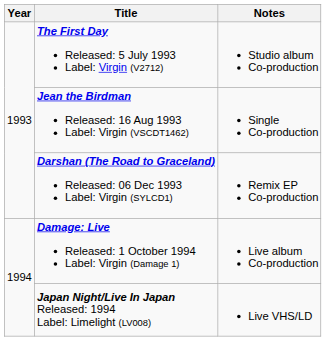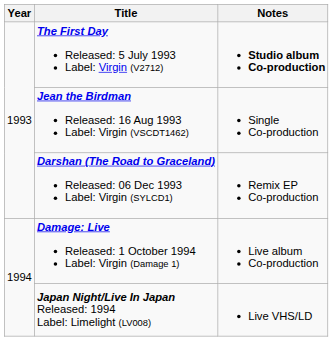 <table class="wikitable">
 <tr>
 <th>Year</th>
 <th>Title</th>
 <th>Notes</th>
 </tr>
 <tr>
 <td rowspan="3">1993</td>
 <td><strong><em><a href='#'>The First Day</a></em></strong><br><ul><li>Released: 5 July 1993</li><li>Label: <a href='#'>Virgin</a> <small>(V2712)</small></li></ul></td>
-<td><br><ul><li>Studio album</li><li>Co-production</li></ul></td>
+<td><strong><br><ul><li>Studio album</li><li>Co-production</li></ul></strong></td>
 </tr>
 <tr>
 <td><strong><em><a href='#'>Jean the Birdman</a></em></strong><br><ul><li>Released: 16 Aug 1993</li><li>Label: Virgin <small>(VSCDT1462)</small></li></ul></td>
 <td><br><ul><li>Single</li><li>Co-production</li></ul></td>
 </tr>
 <tr>
 <td><strong><em><a href='#'>Darshan (The Road to Graceland)</a></em></strong><br><ul><li>Released: 06 Dec 1993</li><li>Label: Virgin <small>(SYLCD1)</small></li></ul></td>
 <td><br><ul><li>Remix EP</li><li>Co-production</li></ul></td>
 </tr>
 <tr>
 <td rowspan="2">1994</td>
 <td><strong><em><a href='#'>Damage: Live</a></em></strong><br><ul><li>Released: 1 October 1994</li><li>Label: Virgin <small>(Damage 1)</small></li></ul></td>
 <td><br><ul><li>Live album</li><li>Co-production</li></ul></td>
 </tr>
 <tr>
 <td><strong><em>Japan Night/Live In Japan</em></strong><br>Released: 1994<br>Label: Limelight <small>(LV008)</small></td>
 <td><br><ul><li>Live VHS/LD</li></ul></td>
 </tr>
 </table>
